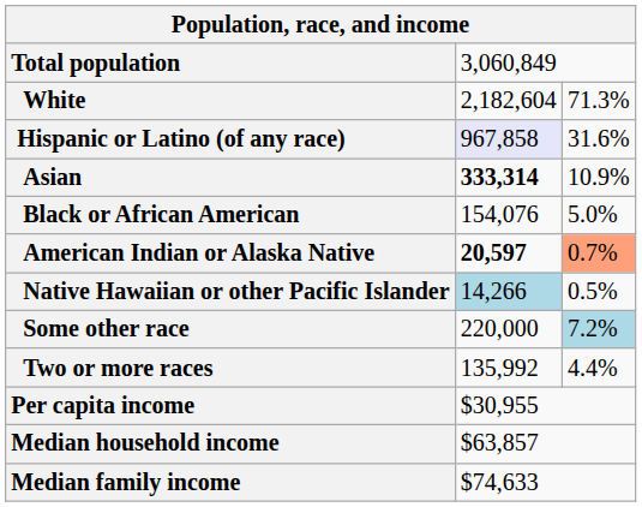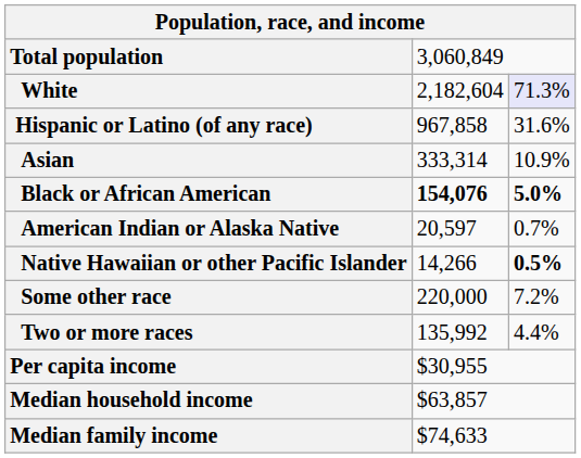 <table class="wikitable">
 <tr>
 <th colspan=6>Population, race, and income</th>
 </tr>
 <tr>
 <th scope="row" style="text-align: left;">Total population</th>
 <td colspan=2>3,060,849</td>
 </tr>
 <tr>
 <th scope="row" style="text-align: left;">  White</th>
 <td>2,182,604</td>
-<td>71.3%</td>
+<td style="background: lavender;">71.3%</td>
 </tr>
 <tr>
 <th scope="row" style="text-align: left;"> Hispanic or Latino (of any race)</th>
-<td style="background: lavender;">967,858</td>
+<td>967,858</td>
 <td>31.6%</td>
 </tr>
 <tr>
 <th scope="row" style="text-align: left;">  Asian</th>
-<td><strong>333,314</strong></td>
+<td>333,314</td>
 <td>10.9%</td>
 </tr>
 <tr>
 <th scope="row" style="text-align: left;">  Black or African American</th>
-<td>154,076</td>
-<td>5.0%</td>
+<td><strong>154,076</strong></td>
+<td><strong>5.0%</strong></td>
 </tr>
 <tr>
 <th scope="row" style="text-align: left;">  American Indian or Alaska Native</th>
-<td><strong>20,597</strong></td>
-<td style="background: lightsalmon;">0.7%</td>
+<td>20,597</td>
+<td>0.7%</td>
 </tr>
 <tr>
 <th scope="row" style="text-align: left;">  Native Hawaiian or other Pacific Islander</th>
-<td style="background: lightblue;">14,266</td>
-<td>0.5%</td>
+<td>14,266</td>
+<td><strong>0.5%</strong></td>
 </tr>
 <tr>
 <th scope="row" style="text-align: left;">  Some other race</th>
 <td>220,000</td>
-<td style="background: lightblue;">7.2%</td>
+<td>7.2%</td>
 </tr>
 <tr>
 <th scope="row" style="text-align: left;">  Two or more races</th>
 <td>135,992</td>
 <td>4.4%</td>
 </tr>
 <tr>
 <th scope="row" style="text-align: left;">Per capita income</th>
 <td colspan=2>$30,955</td>
 </tr>
 <tr>
 <th scope="row" style="text-align: left;">Median household income</th>
 <td colspan=2>$63,857</td>
 </tr>
 <tr>
 <th scope="row" style="text-align: left;">Median family income</th>
 <td colspan=2>$74,633</td>
 </tr>
 </table>
